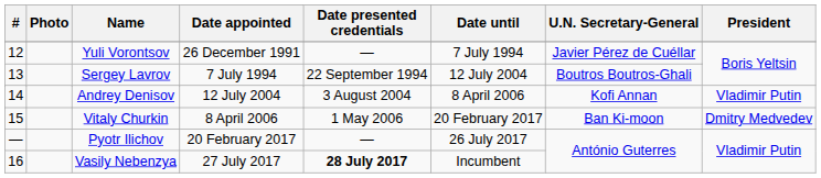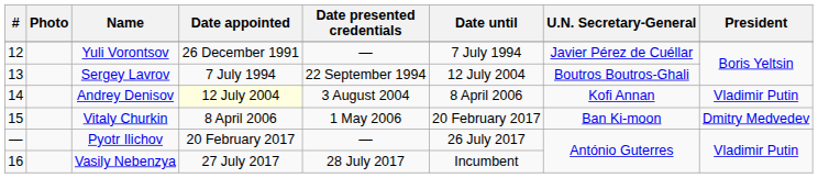 <table class=wikitable style="text-align:center;">
 <tr valign="middle">
 <th>#</th>
 <th>Photo</th>
 <th>Name</th>
 <th>Date appointed</th>
 <th>Date presented<br>credentials</th>
 <th>Date until</th>
 <th>U.N. Secretary-General</th>
 <th>President</th>
 </tr>
 <tr style="font-weight:bold; background-color: #DDDDDD">
 </tr>
 <tr>
 <td rowspan=2>12</td>
 <td rowspan=2></td>
 <td rowspan=2><a href='#'>Yuli Vorontsov</a></td>
 <td rowspan=2>26 December 1991</td>
 <td rowspan=2>—</td>
 <td rowspan=2>7 July 1994</td>
 <td> <a href='#'>Javier Pérez de Cuéllar</a></td>
 <td rowspan=3><a href='#'>Boris Yeltsin</a></td>
 </tr>
 <tr>
 <td rowspan=2> <a href='#'>Boutros Boutros-Ghali</a></td>
 </tr>
 <tr>
 <td rowspan=2>13</td>
 <td rowspan=2></td>
 <td rowspan=2><a href='#'>Sergey Lavrov</a></td>
 <td rowspan=2>7 July 1994</td>
 <td rowspan=2>22 September 1994</td>
 <td rowspan=2>12 July 2004</td>
 </tr>
 <tr>
 <td rowspan=3> <a href='#'>Kofi Annan</a></td>
 <td rowspan=3><a href='#'>Vladimir Putin</a></td>
 </tr>
 <tr>
 <td>14</td>
 <td></td>
 <td><a href='#'>Andrey Denisov</a></td>
-<td>12 July 2004</td>
+<td style="background: lightyellow;">12 July 2004</td>
 <td>3 August 2004</td>
 <td>8 April 2006</td>
 </tr>
 <tr>
 <td rowspan=3>15</td>
 <td rowspan=3></td>
 <td rowspan=3><a href='#'>Vitaly Churkin</a></td>
 <td rowspan=3>8 April 2006</td>
 <td rowspan=3>1 May 2006</td>
 <td rowspan=3>20 February 2017<br></td>
 </tr>
 <tr>
 <td> <a href='#'>Ban Ki-moon</a></td>
 <td><a href='#'>Dmitry Medvedev</a></td>
 </tr>
 <tr>
 <td rowspan=3> <a href='#'>António Guterres</a></td>
 <td rowspan=3><a href='#'>Vladimir Putin</a></td>
 </tr>
 <tr>
 <td>—</td>
 <td></td>
 <td><a href='#'>Pyotr Ilichov</a><br></td>
 <td>20 February 2017</td>
 <td>—</td>
 <td>26 July 2017</td>
 </tr>
 <tr>
 <td>16</td>
 <td></td>
 <td><a href='#'>Vasily Nebenzya</a></td>
 <td>27 July 2017</td>
-<td><strong>28 July 2017</strong></td>
+<td>28 July 2017</td>
 <td>Incumbent</td>
 </tr>
 </table>
